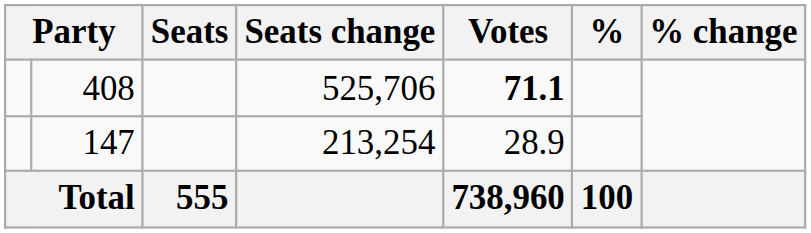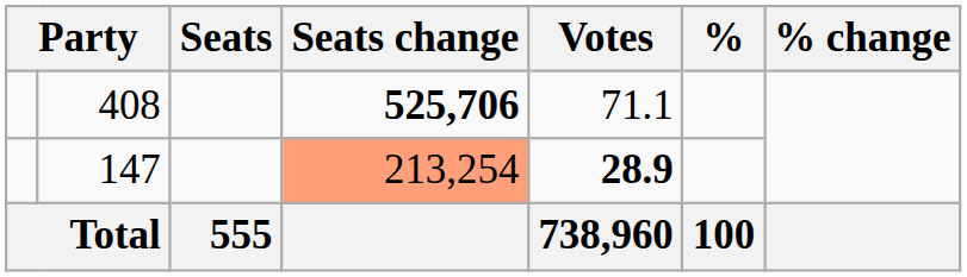 <table class="wikitable sortable">
 <tr>
 <th colspan=2>Party</th>
 <th>Seats</th>
 <th>Seats change</th>
 <th>Votes</th>
 <th>%</th>
 <th>% change</th>
 </tr>
 <tr>
 <td></td>
 <td align=right>408</td>
 <td align=right></td>
-<td align=right>525,706</td>
-<td align=right><strong>71.1</strong></td>
+<td align=right><strong>525,706</strong></td>
+<td align=right>71.1</td>
 <td align=right></td>
 </tr>
 <tr>
 <td></td>
 <td align=right>147</td>
 <td align=right></td>
-<td align=right>213,254</td>
-<td align=right>28.9</td>
+<td align=right style="background: lightsalmon;">213,254</td>
+<td align=right><strong>28.9</strong></td>
 <td align=right></td>
 </tr>
 <tr class="sortbottom" style="font-weight: bold; text-align: right; background: #f2f2f2;">
 <th colspan="2" style="padding-left: 1.5em; text-align: left;">Total</th>
 <td align=right>555</td>
 <td align=right></td>
 <td align=right>738,960</td>
 <td align=right>100</td>
 <td align=right></td>
 </tr>
 </table>
